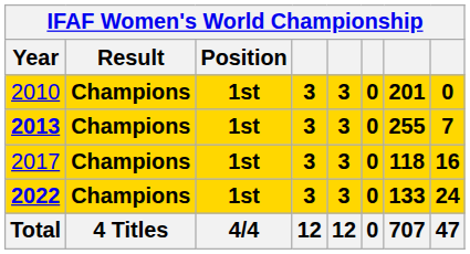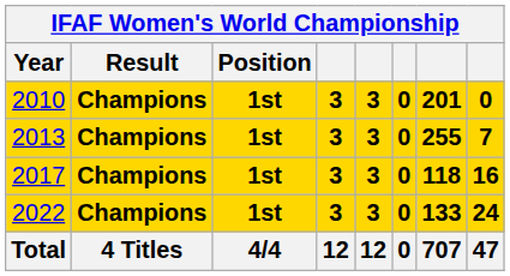 <table class="wikitable" style="text-align: center;">
 <tr>
 <th colspan="8"><a href='#'>IFAF Women's World Championship</a></th>
 </tr>
 <tr>
 <th>Year</th>
 <th>Result</th>
 <th>Position</th>
 <th></th>
 <th></th>
 <th></th>
 <th></th>
 <th></th>
 </tr>
 <tr bgcolor=gold>
 <td> <a href='#'>2010</a></td>
 <td><strong>Champions</strong></td>
 <td><strong>1st</strong></td>
 <td><strong>3</strong></td>
 <td><strong>3</strong></td>
 <td><strong>0</strong></td>
 <td><strong>201</strong></td>
 <td><strong>0</strong></td>
 </tr>
 <tr bgcolor=gold>
-<td><strong> <a href='#'>2013</a></strong></td>
+<td> <a href='#'>2013</a></td>
 <td><strong>Champions</strong></td>
 <td><strong>1st</strong></td>
 <td><strong>3</strong></td>
 <td><strong>3</strong></td>
 <td><strong>0</strong></td>
 <td><strong>255</strong></td>
 <td><strong>7</strong></td>
 </tr>
 <tr bgcolor=gold>
 <td> <a href='#'>2017</a></td>
 <td><strong>Champions</strong></td>
 <td><strong>1st</strong></td>
 <td><strong>3</strong></td>
 <td><strong>3</strong></td>
 <td><strong>0</strong></td>
 <td><strong>118</strong></td>
 <td><strong>16</strong></td>
 </tr>
 <tr bgcolor=gold>
-<td><strong> <a href='#'>2022</a></strong></td>
+<td> <a href='#'>2022</a></td>
 <td><strong>Champions</strong></td>
 <td><strong>1st</strong></td>
 <td><strong>3</strong></td>
 <td><strong>3</strong></td>
 <td><strong>0</strong></td>
 <td><strong>133</strong></td>
 <td><strong>24</strong></td>
 </tr>
 <tr>
 <th>Total</th>
 <th>4 Titles</th>
 <th>4/4</th>
 <th>12</th>
 <th>12</th>
 <th>0</th>
 <th>707</th>
 <th>47</th>
 </tr>
 </table>
